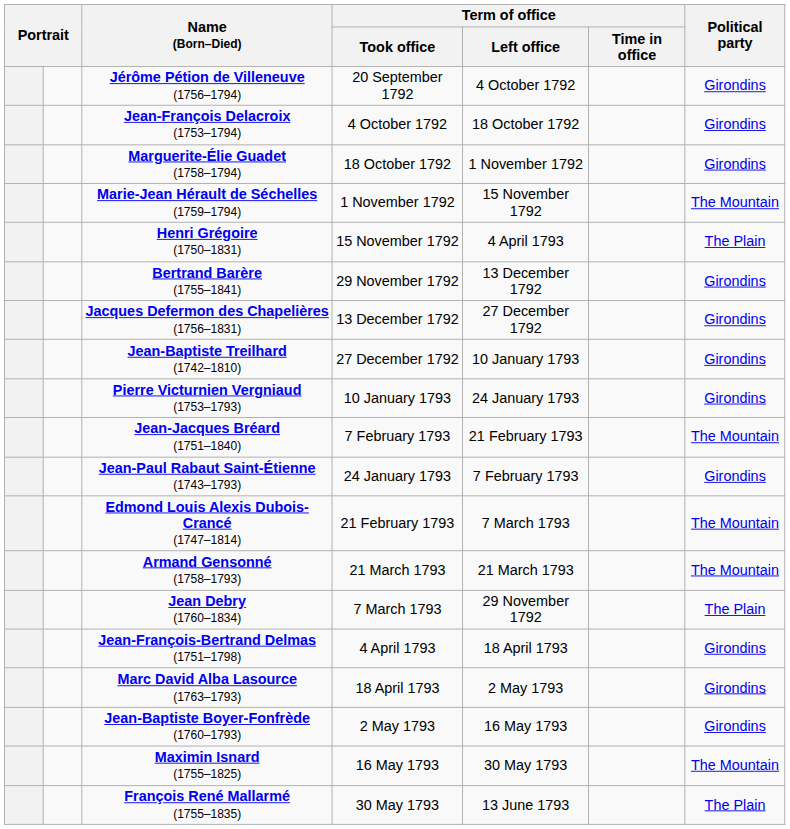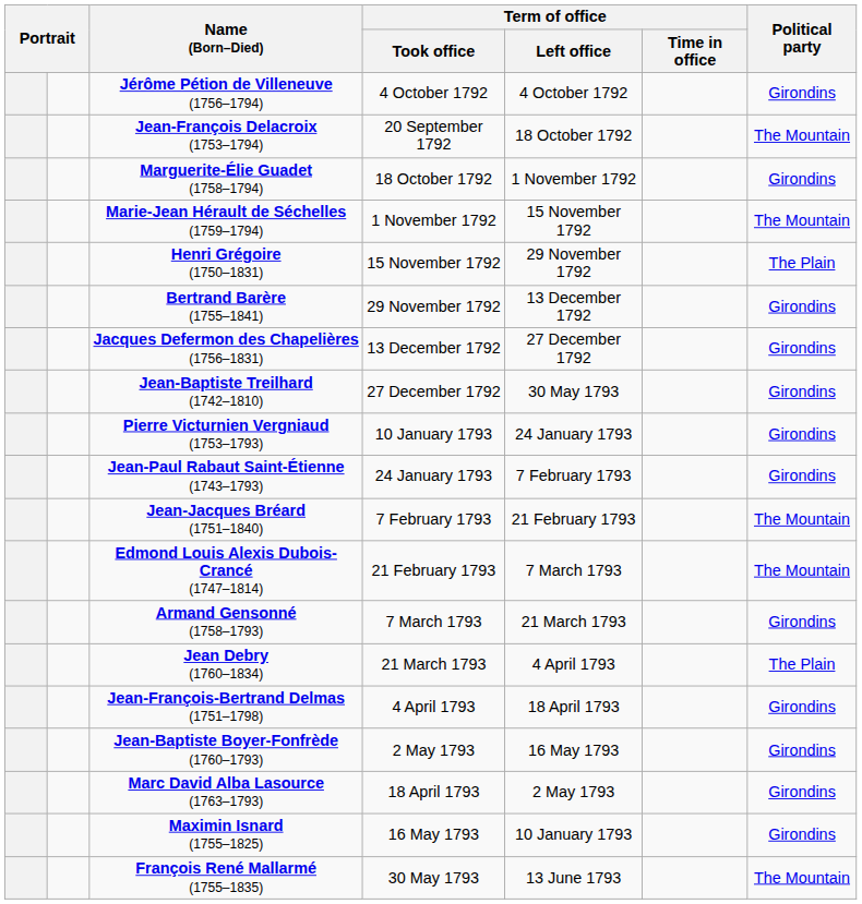 <table class="wikitable" style="text-align:center; border:1px #AAAAFF solid">
 <tr>
 <th width="80px" rowspan="2" colspan="2">Portrait</th>
 <th rowspan="2">Name<br><small>(Born–Died)</small></th>
 <th colspan="3">Term of office</th>
 <th rowspan="2">Political party</th>
 </tr>
 <tr>
 <th>Took office</th>
 <th>Left office</th>
 <th>Time in office</th>
 </tr>
 <tr>
 <th style="background-color:"></th>
 <td></td>
 <td><strong><a href='#'>Jérôme Pétion de Villeneuve</a></strong><br><small>(1756–1794)</small></td>
-<td>20 September 1792</td>
+<td>4 October 1792</td>
 <td>4 October 1792</td>
 <td></td>
 <td><a href='#'>Girondins</a></td>
 </tr>
 <tr>
 <th style="background-color:"></th>
 <td></td>
 <td><strong><a href='#'>Jean-François Delacroix</a></strong><br><small>(1753–1794)</small></td>
-<td>4 October 1792</td>
+<td>20 September 1792</td>
 <td>18 October 1792</td>
 <td></td>
-<td><a href='#'>Girondins</a></td>
+<td><a href='#'>The Mountain</a></td>
 </tr>
 <tr>
 <th style="background-color:"></th>
 <td></td>
 <td><strong><a href='#'>Marguerite-Élie Guadet</a></strong><br><small>(1758–1794)</small></td>
 <td>18 October 1792</td>
 <td>1 November 1792</td>
 <td></td>
 <td><a href='#'>Girondins</a></td>
 </tr>
 <tr>
 <th style="background-color:"></th>
 <td></td>
 <td><strong><a href='#'>Marie-Jean Hérault de Séchelles</a></strong><br><small>(1759–1794)</small></td>
 <td>1 November 1792</td>
 <td>15 November 1792</td>
 <td></td>
 <td><a href='#'>The Mountain</a></td>
 </tr>
 <tr>
 <th style="background-color:"></th>
 <td></td>
 <td><strong><a href='#'>Henri Grégoire</a></strong><br><small>(1750–1831)</small></td>
 <td>15 November 1792</td>
-<td>4 April 1793</td>
+<td>29 November 1792</td>
 <td></td>
 <td><a href='#'>The Plain</a></td>
 </tr>
 <tr>
 <th style="background-color:"></th>
 <td></td>
 <td><strong><a href='#'>Bertrand Barère</a></strong><br><small>(1755–1841)</small></td>
 <td>29 November 1792</td>
 <td>13 December 1792</td>
 <td></td>
 <td><a href='#'>Girondins</a></td>
 </tr>
 <tr>
 <th style="background-color:"></th>
 <td></td>
 <td><strong><a href='#'>Jacques Defermon des Chapelières</a></strong><br><small>(1756–1831)</small></td>
 <td>13 December 1792</td>
 <td>27 December 1792</td>
 <td></td>
 <td><a href='#'>Girondins</a></td>
 </tr>
 <tr>
 <th style="background-color:"></th>
 <td></td>
 <td><strong><a href='#'>Jean-Baptiste Treilhard</a></strong><br><small>(1742–1810)</small></td>
 <td>27 December 1792</td>
-<td>10 January 1793</td>
+<td>30 May 1793</td>
 <td></td>
 <td><a href='#'>Girondins</a></td>
 </tr>
 <tr>
 <th style="background-color:"></th>
 <td></td>
 <td><strong><a href='#'>Pierre Victurnien Vergniaud</a></strong><br><small>(1753–1793)</small></td>
 <td>10 January 1793</td>
 <td>24 January 1793</td>
 <td></td>
 <td><a href='#'>Girondins</a></td>
 </tr>
 <tr>
 <th style="background-color:"></th>
 <td></td>
+<td><strong><a href='#'>Jean-Paul Rabaut Saint-Étienne</a></strong><br><small>(1743–1793)</small></td>
+<td>24 January 1793</td>
+<td>7 February 1793</td>
+<td></td>
+<td><a href='#'>Girondins</a></td>
+</tr>
+<tr>
+<th style="background-color:"></th>
+<td></td>
 <td><strong><a href='#'>Jean-Jacques Bréard</a></strong><br><small>(1751–1840)</small></td>
 <td>7 February 1793</td>
 <td>21 February 1793</td>
 <td></td>
 <td><a href='#'>The Mountain</a></td>
-</tr>
-<tr>
-<th style="background-color:"></th>
-<td></td>
-<td><strong><a href='#'>Jean-Paul Rabaut Saint-Étienne</a></strong><br><small>(1743–1793)</small></td>
-<td>24 January 1793</td>
-<td>7 February 1793</td>
-<td></td>
-<td><a href='#'>Girondins</a></td>
 </tr>
 <tr>
 <th style="background-color:"></th>
 <td></td>
 <td><strong><a href='#'>Edmond Louis Alexis Dubois-Crancé</a></strong><br><small>(1747–1814)</small></td>
 <td>21 February 1793</td>
 <td>7 March 1793</td>
 <td></td>
 <td><a href='#'>The Mountain</a></td>
 </tr>
 <tr>
 <th style="background-color:"></th>
 <td></td>
 <td><strong><a href='#'>Armand Gensonné</a></strong><br><small>(1758–1793)</small></td>
-<td>21 March 1793</td>
+<td>7 March 1793</td>
 <td>21 March 1793</td>
 <td></td>
-<td><a href='#'>The Mountain</a></td>
+<td><a href='#'>Girondins</a></td>
 </tr>
 <tr>
 <th style="background-color:"></th>
 <td></td>
 <td><strong><a href='#'>Jean Debry</a></strong><br><small>(1760–1834)</small></td>
-<td>7 March 1793</td>
-<td>29 November 1792</td>
+<td>21 March 1793</td>
+<td>4 April 1793</td>
 <td></td>
 <td><a href='#'>The Plain</a></td>
 </tr>
 <tr>
 <th style="background-color:"></th>
 <td></td>
 <td><strong><a href='#'>Jean-François-Bertrand Delmas</a></strong><br><small>(1751–1798)</small></td>
 <td>4 April 1793<br></td>
 <td>18 April 1793</td>
 <td></td>
 <td><a href='#'>Girondins</a></td>
 </tr>
 <tr>
 <th style="background-color:"></th>
 <td></td>
+<td><strong><a href='#'>Jean-Baptiste Boyer-Fonfrède</a></strong><br><small>(1760–1793)</small></td>
+<td>2 May 1793</td>
+<td>16 May 1793</td>
+<td></td>
+<td><a href='#'>Girondins</a></td>
+</tr>
+<tr>
+<th style="background-color:"></th>
+<td></td>
 <td><strong><a href='#'>Marc David Alba Lasource</a></strong><br><small>(1763–1793)</small></td>
 <td>18 April 1793</td>
 <td>2 May 1793</td>
 <td></td>
 <td><a href='#'>Girondins</a></td>
 </tr>
 <tr>
 <th style="background-color:"></th>
 <td></td>
-<td><strong><a href='#'>Jean-Baptiste Boyer-Fonfrède</a></strong><br><small>(1760–1793)</small></td>
-<td>2 May 1793</td>
+<td><strong><a href='#'>Maximin Isnard</a></strong><br><small>(1755–1825)</small></td>
 <td>16 May 1793</td>
+<td>10 January 1793</td>
 <td></td>
 <td><a href='#'>Girondins</a></td>
-</tr>
-<tr>
-<th style="background-color:"></th>
-<td></td>
-<td><strong><a href='#'>Maximin Isnard</a></strong><br><small>(1755–1825)</small></td>
-<td>16 May 1793</td>
-<td>30 May 1793</td>
-<td></td>
-<td><a href='#'>The Mountain</a></td>
 </tr>
 <tr>
 <th style="background-color:"></th>
 <td></td>
 <td><strong><a href='#'>François René Mallarmé</a></strong><br><small>(1755–1835)</small></td>
 <td>30 May 1793</td>
 <td>13 June 1793</td>
 <td></td>
-<td><a href='#'>The Plain</a></td>
+<td><a href='#'>The Mountain</a></td>
 </tr>
 </table>
